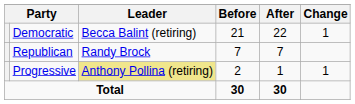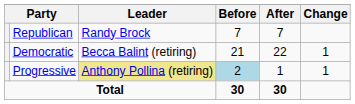 <table class="wikitable" style="text-align:center;">
 <tr>
 </tr>
 <tr>
 <th colspan=2>Party</th>
 <th>Leader</th>
 <th style="width:3em">Before</th>
 <th style="width:3em">After</th>
 <th style="width:3em">Change</th>
 </tr>
 <tr>
 <th style="background-color:"></th>
+<td style="text-align:left;"><a href='#'>Republican</a></td>
+<td style="text-align:left;"><a href='#'>Randy Brock</a></td>
+<td>7</td>
+<td>7</td>
+<td></td>
+</tr>
+<tr>
+<th style="background-color:"></th>
 <td style="text-align:left;"><a href='#'>Democratic</a></td>
 <td style="text-align:left;"><a href='#'>Becca Balint</a> (retiring)</td>
 <td>21</td>
 <td>22</td>
 <td>1</td>
 </tr>
 <tr>
 <th style="background-color:"></th>
-<td style="text-align:left;"><a href='#'>Republican</a></td>
-<td style="text-align:left;"><a href='#'>Randy Brock</a></td>
-<td>7</td>
-<td>7</td>
-<td></td>
-</tr>
-<tr>
-<th style="background-color:"></th>
 <td style="text-align:left;"><a href='#'>Progressive</a></td>
 <td style="background: khaki; text-align:left;"><a href='#'>Anthony Pollina</a> (retiring)</td>
-<td>2</td>
+<td style="background: lightblue;">2</td>
 <td>1</td>
 <td>1</td>
 </tr>
 <tr>
 <td colspan=3><strong>Total</strong></td>
 <td><strong>30</strong></td>
 <td><strong>30</strong></td>
 <td></td>
 </tr>
 </table>
